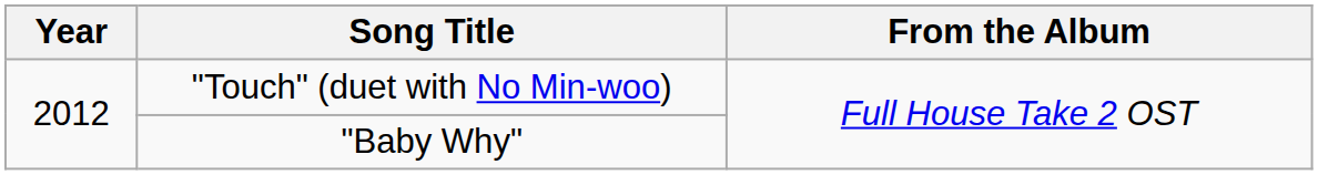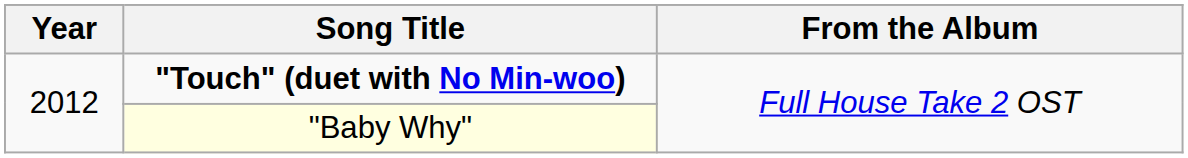 <table class="wikitable" style="text-align:center;">
 <tr>
 <th style="width:4em;">Year</th>
 <th style="width:24em;">Song Title</th>
 <th style="width:24em;">From the Album</th>
 </tr>
 <tr>
 <td rowspan="2">2012</td>
-<td>"Touch" (duet with <a href='#'>No Min-woo</a>)</td>
+<td><strong>"Touch" (duet with <a href='#'>No Min-woo</a>)</strong></td>
 <td rowspan="2"><em><a href='#'>Full House Take 2</a> OST</em></td>
 </tr>
 <tr>
-<td>"Baby Why"</td>
+<td style="background: lightyellow;">"Baby Why"</td>
 </tr>
 </table>
